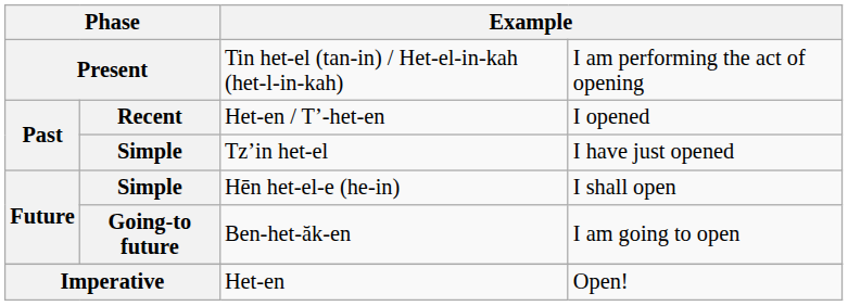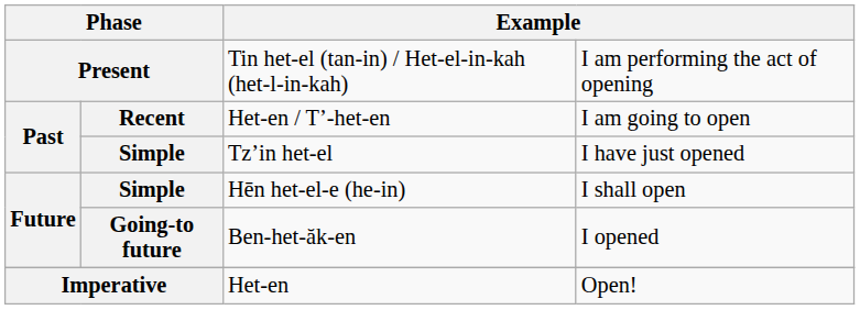 <table class= "wikitable">
 <tr>
 <th colspan=2>Phase</th>
 <th colspan=2>Example</th>
 </tr>
 <tr>
 <th colspan=2>Present</th>
 <td>Tin het-el (tan-in) / Het-el-in-kah (het-l-in-kah)</td>
 <td>I am performing the act of opening</td>
 </tr>
 <tr>
 <th rowspan=2>Past</th>
 <th>Recent</th>
 <td>Het-en / Tʼ-het-en</td>
-<td>I opened</td>
+<td>I am going to open</td>
 </tr>
 <tr>
 <th>Simple</th>
 <td>Tzʼin het-el</td>
 <td>I have just opened</td>
 </tr>
 <tr>
 <th rowspan=2>Future</th>
 <th>Simple</th>
 <td>Hēn het-el-e (he-in)</td>
 <td>I shall open</td>
 </tr>
 <tr>
 <th>Going-to future</th>
 <td>Ben-het-ăk-en</td>
-<td>I am going to open</td>
+<td>I opened</td>
 </tr>
 <tr>
 </tr>
 <tr>
 <th colspan=2>Imperative</th>
 <td>Het-en</td>
 <td>Open!</td>
 </tr>
 </table>
